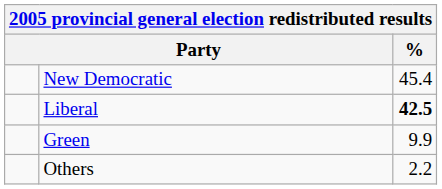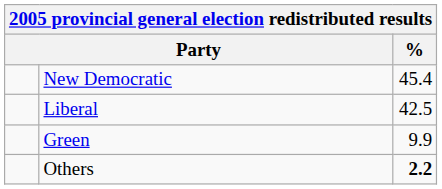 <table class="wikitable">
 <tr>
 <th colspan="4"><a href='#'>2005 provincial general election</a> redistributed results</th>
 </tr>
 <tr>
 <th bgcolor="#DDDDFF" width="130px" colspan="2">Party</th>
 <th bgcolor="#DDDDFF" width="30px">%</th>
 </tr>
 <tr>
 <td> </td>
 <td><a href='#'>New Democratic</a></td>
 <td align="right">45.4</td>
 </tr>
 <tr>
 <td> </td>
 <td><a href='#'>Liberal</a></td>
-<td align="right"><strong>42.5</strong></td>
+<td align="right">42.5</td>
 </tr>
 <tr>
 <td> </td>
 <td><a href='#'>Green</a></td>
 <td align="right">9.9</td>
 </tr>
 <tr>
 <td> </td>
 <td>Others</td>
-<td align="right">2.2</td>
+<td align="right"><strong>2.2</strong></td>
 </tr>
 </table>
